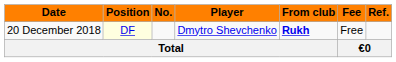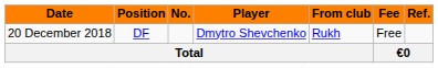 <table class="wikitable sortable">
 <tr>
 <th style="background:#FF8000; color:black;">Date</th>
 <th style="background:#FF8000; color:black;">Position</th>
 <th style="background:#FF8000; color:black;">No.</th>
 <th style="background:#FF8000; color:black;">Player</th>
 <th style="background:#FF8000; color:black;">From club</th>
 <th style="background:#FF8000; color:black;">Fee</th>
 <th style="background:#FF8000; color:black;">Ref.</th>
 </tr>
 <tr>
 <td>20 December 2018</td>
-<td style="background: lightyellow; text-align:center;"><a href='#'>DF</a></td>
+<td style="text-align:center;"><a href='#'>DF</a></td>
 <td style="text-align:center;"></td>
 <td style="text-align:left;"> <a href='#'>Dmytro Shevchenko</a></td>
-<td style="text-align:left;"><strong> <a href='#'>Rukh</a></strong></td>
+<td style="text-align:left;"> <a href='#'>Rukh</a></td>
 <td>Free</td>
 <td></td>
 </tr>
 <tr>
 <th colspan="5">Total</th>
 <th colspan="2">€0</th>
 </tr>
 </table>
